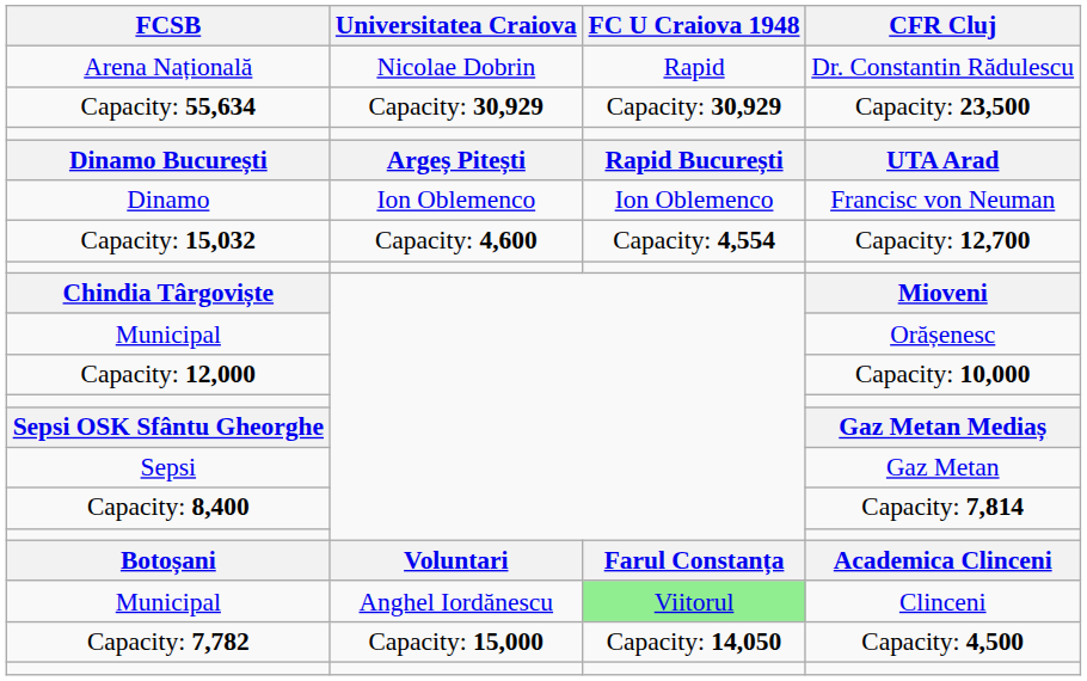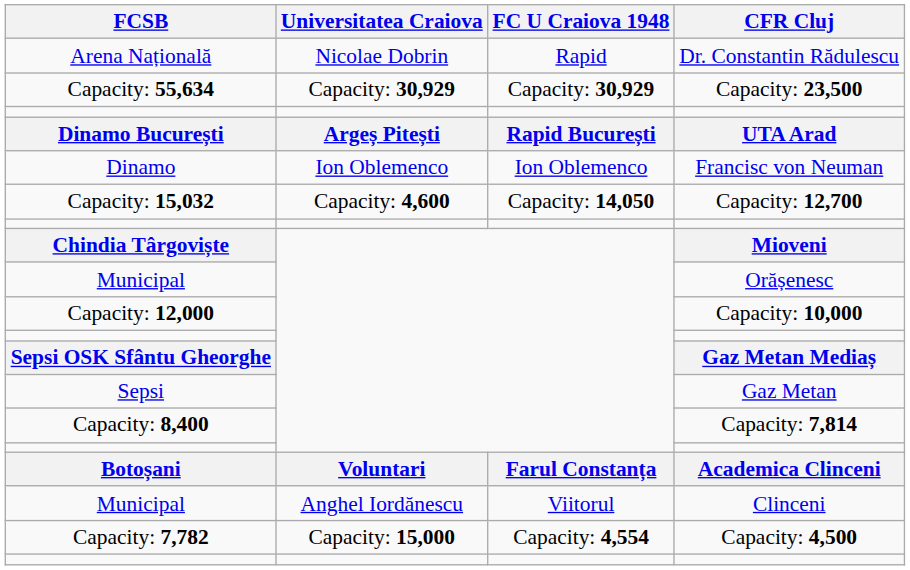 <table class="wikitable" style="text-align:center; margin:0.5em auto;">
 <tr>
 <th><a href='#'>FCSB</a></th>
 <th><a href='#'>Universitatea Craiova</a></th>
 <th><a href='#'>FC U Craiova 1948</a></th>
 <th><a href='#'>CFR Cluj</a></th>
 </tr>
 <tr>
 <td><a href='#'>Arena Națională</a></td>
 <td><a href='#'>Nicolae Dobrin</a></td>
 <td><a href='#'>Rapid</a></td>
 <td><a href='#'>Dr. Constantin Rădulescu</a></td>
 </tr>
 <tr>
 <td>Capacity: <strong>55,634</strong></td>
 <td>Capacity: <strong>30,929</strong></td>
 <td>Capacity: <strong>30,929</strong></td>
 <td>Capacity: <strong>23,500</strong></td>
 </tr>
 <tr>
 <td></td>
 <td></td>
 <td></td>
 <td></td>
 </tr>
 <tr>
 <th><a href='#'>Dinamo București</a></th>
 <th><a href='#'>Argeș Pitești</a></th>
 <th><a href='#'>Rapid București</a></th>
 <th><a href='#'>UTA Arad</a></th>
 </tr>
 <tr>
 <td><a href='#'>Dinamo</a></td>
 <td><a href='#'>Ion Oblemenco</a></td>
 <td><a href='#'>Ion Oblemenco</a></td>
 <td><a href='#'>Francisc von Neuman</a></td>
 </tr>
 <tr>
 <td>Capacity: <strong>15,032</strong></td>
 <td>Capacity: <strong>4,600</strong></td>
-<td>Capacity: <strong>4,554</strong></td>
+<td>Capacity: <strong>14,050</strong></td>
 <td>Capacity: <strong>12,700</strong></td>
 </tr>
 <tr>
 <td></td>
 <td></td>
 <td></td>
 <td></td>
 </tr>
 <tr>
 <th><a href='#'>Chindia Târgoviște</a></th>
 <td colspan="2" rowspan="8"><br> </td>
 <th><a href='#'>Mioveni</a></th>
 </tr>
 <tr>
 <td><a href='#'>Municipal</a></td>
 <td><a href='#'>Orășenesc</a></td>
 </tr>
 <tr>
 <td>Capacity: <strong>12,000</strong></td>
 <td>Capacity: <strong>10,000</strong></td>
 </tr>
 <tr>
 <td></td>
 <td></td>
 </tr>
 <tr>
 <th><a href='#'>Sepsi OSK Sfântu Gheorghe</a></th>
 <th><a href='#'>Gaz Metan Mediaș</a></th>
 </tr>
 <tr>
 <td><a href='#'>Sepsi</a></td>
 <td><a href='#'>Gaz Metan</a></td>
 </tr>
 <tr>
 <td>Capacity: <strong>8,400</strong></td>
 <td>Capacity: <strong>7,814</strong></td>
 </tr>
 <tr>
 <td></td>
 <td></td>
 </tr>
 <tr>
 <th><a href='#'>Botoșani</a></th>
 <th><a href='#'>Voluntari</a></th>
 <th><a href='#'>Farul Constanța</a></th>
 <th><a href='#'>Academica Clinceni</a></th>
 </tr>
 <tr>
 <td><a href='#'>Municipal</a></td>
 <td><a href='#'>Anghel Iordănescu</a></td>
-<td style="background: lightgreen;"><a href='#'>Viitorul</a></td>
+<td><a href='#'>Viitorul</a></td>
 <td><a href='#'>Clinceni</a></td>
 </tr>
 <tr>
 <td>Capacity: <strong>7,782</strong></td>
 <td>Capacity: <strong>15,000</strong></td>
-<td>Capacity: <strong>14,050</strong></td>
+<td>Capacity: <strong>4,554</strong></td>
 <td>Capacity: <strong>4,500</strong></td>
 </tr>
 <tr>
 <td></td>
 <td></td>
 <td></td>
 <td></td>
 </tr>
 </table>
